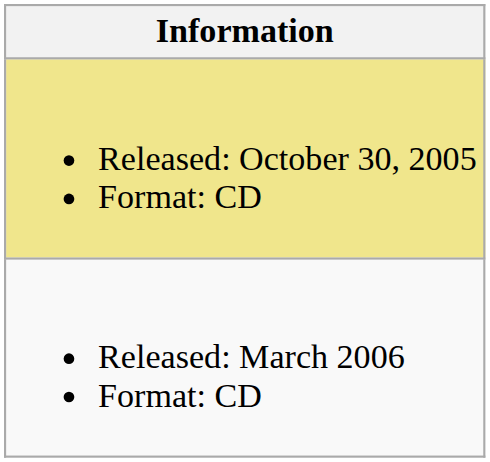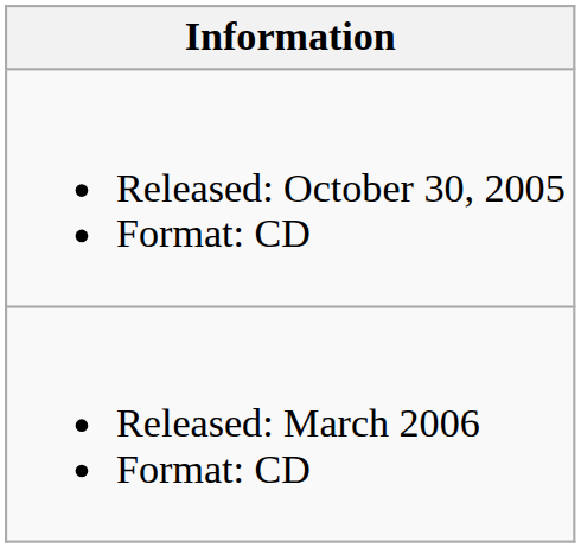 <table class="wikitable">
 <tr>
 <th>Information</th>
 </tr>
 <tr>
-<td style="background: khaki;"><br><ul><li>Released: October 30, 2005</li><li>Format: CD</li></ul></td>
+<td><br><ul><li>Released: October 30, 2005</li><li>Format: CD</li></ul></td>
 </tr>
 <tr>
 <td><br><ul><li>Released: March 2006</li><li>Format: CD</li></ul></td>
 </tr>
 </table>
